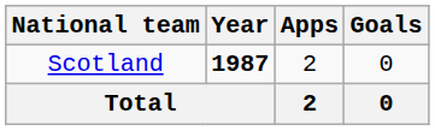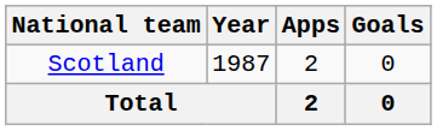 <table class="wikitable" style="text-align:center">
 <tr>
 <th>National team</th>
 <th>Year</th>
 <th>Apps</th>
 <th>Goals</th>
 </tr>
 <tr>
 <td><a href='#'>Scotland</a></td>
-<td><strong>1987</strong></td>
+<td>1987</td>
 <td>2</td>
 <td>0</td>
 </tr>
 <tr>
 <th colspan="2">Total</th>
 <th>2</th>
 <th>0</th>
 </tr>
 </table>
